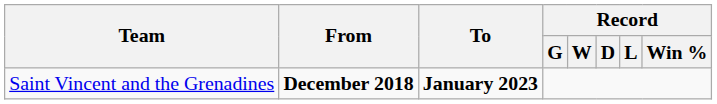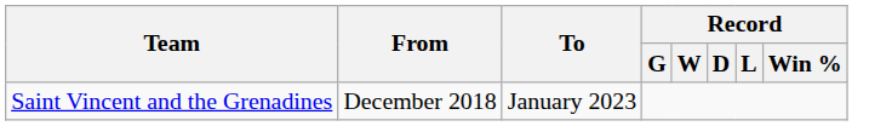 <table class="wikitable" style="text-align: center">
 <tr>
 <th rowspan="2">Team</th>
 <th rowspan="2">From</th>
 <th rowspan="2">To</th>
 <th colspan="5">Record</th>
 </tr>
 <tr>
 <th>G</th>
 <th>W</th>
 <th>D</th>
 <th>L</th>
 <th>Win %</th>
 </tr>
 <tr>
 <td align=left><a href='#'>Saint Vincent and the Grenadines</a></td>
-<td align=left><strong>December 2018</strong></td>
-<td align=left><strong>January 2023<br></strong></td>
+<td align=left>December 2018</td>
+<td align=left>January 2023<br></td>
 </tr>
 </table>
